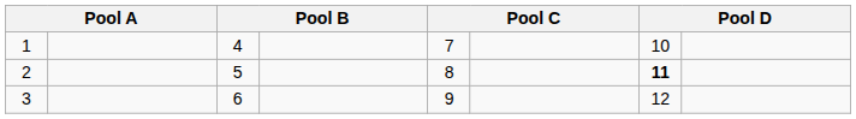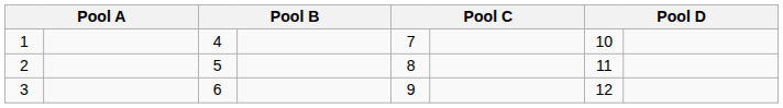 <table class="wikitable" width=800>
 <tr>
 <th colspan=2  width=25%>Pool A</th>
 <th colspan=2  width=25%>Pool B</th>
 <th colspan=2  width=25%>Pool C</th>
 <th colspan=2  width=25%>Pool D</th>
 </tr>
 <tr>
 <td style="text-align:center;" width=5%>1</td>
 <td></td>
 <td style="text-align:center;" width=5%>4</td>
 <td></td>
 <td style="text-align:center;" width=5%>7</td>
 <td></td>
 <td style="text-align:center;" width=5%>10</td>
 <td></td>
 </tr>
 <tr>
 <td style="text-align:center;" width=5%>2</td>
 <td></td>
 <td style="text-align:center;" width=5%>5</td>
 <td></td>
 <td style="text-align:center;" width=5%>8</td>
 <td></td>
-<td style="text-align:center;" width=5%><strong>11</strong></td>
+<td style="text-align:center;" width=5%>11</td>
 <td></td>
 </tr>
 <tr>
 <td style="text-align:center;" width=5%>3</td>
 <td></td>
 <td style="text-align:center;" width=5%>6</td>
 <td></td>
 <td style="text-align:center;" width=5%>9</td>
 <td></td>
 <td style="text-align:center;" width=5%>12</td>
 <td></td>
 </tr>
 </table>
